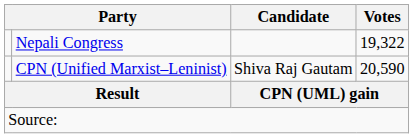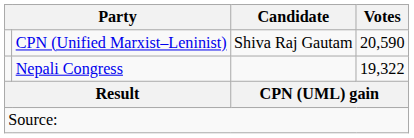 <table class="wikitable">
 <tr>
 <th colspan="2">Party</th>
 <th>Candidate</th>
 <th>Votes</th>
 </tr>
 <tr>
 <td style="background-color:"></td>
+<td><a href='#'>CPN (Unified Marxist–Leninist)</a></td>
+<td>Shiva Raj Gautam</td>
+<td>20,590</td>
+</tr>
+<tr>
+<td style="background-color:"></td>
 <td><a href='#'>Nepali Congress</a></td>
 <td></td>
 <td>19,322</td>
-</tr>
-<tr>
-<td style="background-color:"></td>
-<td><a href='#'>CPN (Unified Marxist–Leninist)</a></td>
-<td>Shiva Raj Gautam</td>
-<td>20,590</td>
 </tr>
 <tr>
 <th colspan="2">Result</th>
 <th colspan="2">CPN (UML) gain</th>
 </tr>
 <tr>
 <td colspan="4">Source: </td>
 </tr>
 </table>
